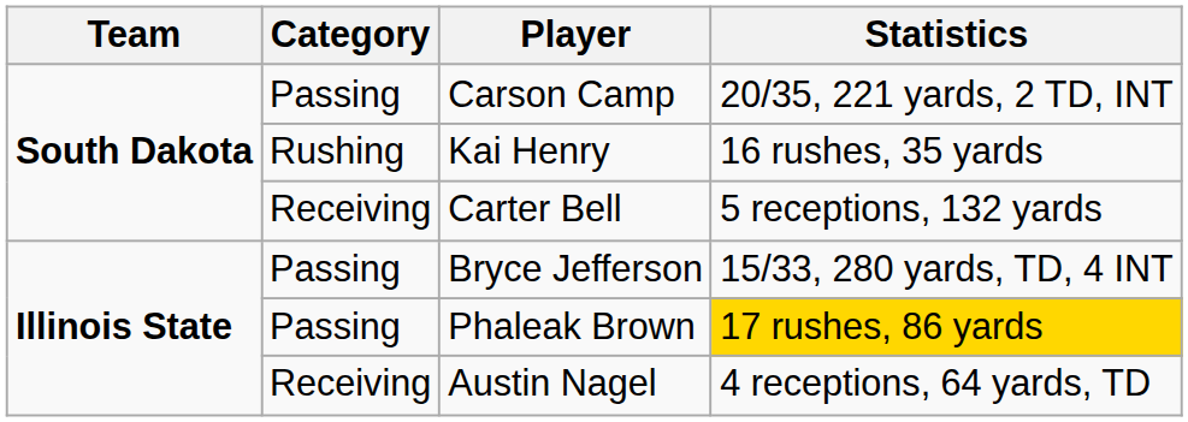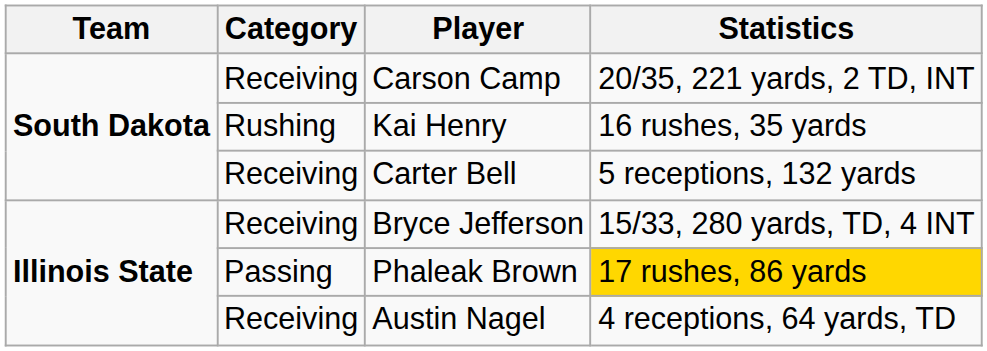 <table class="wikitable" style="float: right;">
 <tr>
 <th>Team</th>
 <th>Category</th>
 <th>Player</th>
 <th>Statistics</th>
 </tr>
 <tr>
 <td rowspan=3><strong>South Dakota</strong></td>
-<td>Passing</td>
+<td>Receiving</td>
 <td>Carson Camp</td>
 <td>20/35, 221 yards, 2 TD, INT</td>
 </tr>
 <tr>
 <td>Rushing</td>
 <td>Kai Henry</td>
 <td>16 rushes, 35 yards</td>
 </tr>
 <tr>
 <td>Receiving</td>
 <td>Carter Bell</td>
 <td>5 receptions, 132 yards</td>
 </tr>
 <tr>
 <td rowspan=3><strong>Illinois State</strong></td>
-<td>Passing</td>
+<td>Receiving</td>
 <td>Bryce Jefferson</td>
 <td>15/33, 280 yards, TD, 4 INT</td>
 </tr>
 <tr>
 <td>Passing</td>
 <td>Phaleak Brown</td>
 <td style="background: gold;">17 rushes, 86 yards</td>
 </tr>
 <tr>
 <td>Receiving</td>
 <td>Austin Nagel</td>
 <td>4 receptions, 64 yards, TD</td>
 </tr>
 </table>
